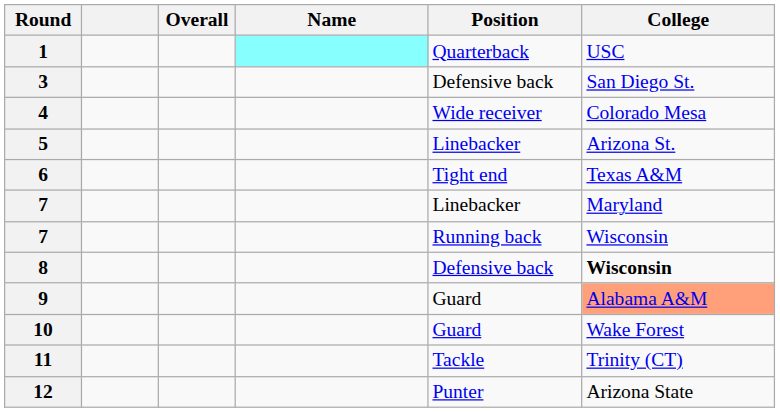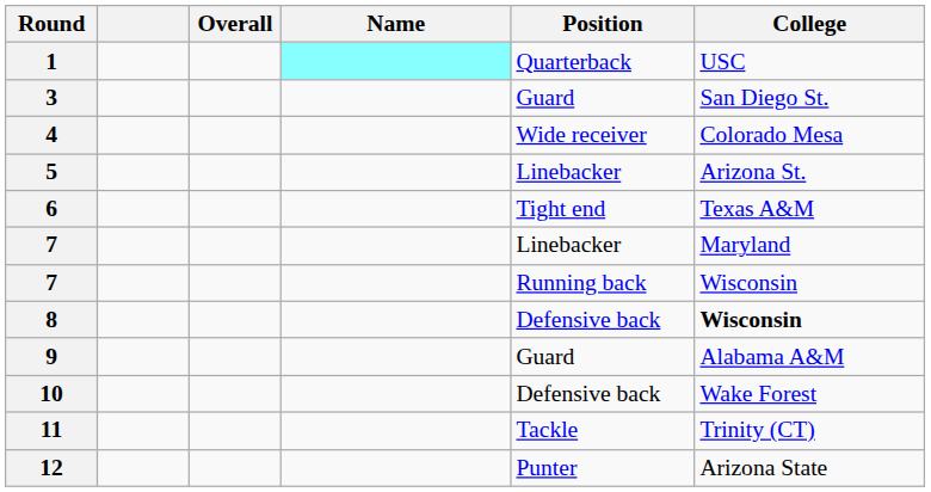 <table class="wikitable sortable" style="width: 50%;">
 <tr>
 <th scope="col" style="width: 10%;">Round</th>
 <th scope="col" style="width: 10%;"></th>
 <th scope="col" style="width: 10%;">Overall</th>
 <th scope="col" style="width: 25%;">Name</th>
 <th scope="col" style="width: 20%;">Position</th>
 <th scope="col" style="width: 25%;">College</th>
 </tr>
 <tr>
 <th scope="row">1</th>
 <td></td>
 <td></td>
 <td style="background:#88FFFF;"> <sup></sup></td>
 <td><a href='#'>Quarterback</a></td>
 <td><a href='#'>USC</a></td>
 </tr>
 <tr>
 <th scope="row">3</th>
 <td></td>
 <td></td>
 <td></td>
-<td>Defensive back</td>
+<td><a href='#'>Guard</a></td>
 <td><a href='#'>San Diego St.</a></td>
 </tr>
 <tr>
 <th scope="row">4</th>
 <td></td>
 <td></td>
 <td></td>
 <td><a href='#'>Wide receiver</a></td>
 <td><a href='#'>Colorado Mesa</a></td>
 </tr>
 <tr>
 <th scope="row">5</th>
 <td></td>
 <td></td>
 <td></td>
 <td><a href='#'>Linebacker</a></td>
 <td><a href='#'>Arizona St.</a></td>
 </tr>
 <tr>
 <th scope="row">6</th>
 <td></td>
 <td></td>
 <td></td>
 <td><a href='#'>Tight end</a></td>
 <td><a href='#'>Texas A&M</a></td>
 </tr>
 <tr>
 <th scope="row">7</th>
 <td></td>
 <td></td>
 <td></td>
 <td>Linebacker</td>
 <td><a href='#'>Maryland</a></td>
 </tr>
 <tr>
 <th scope="row">7</th>
 <td></td>
 <td></td>
 <td></td>
 <td><a href='#'>Running back</a></td>
 <td><a href='#'>Wisconsin</a></td>
 </tr>
 <tr>
 <th scope="row">8</th>
 <td></td>
 <td></td>
 <td></td>
 <td><a href='#'>Defensive back</a></td>
 <td><strong>Wisconsin</strong></td>
 </tr>
 <tr>
 <th scope="row">9</th>
 <td></td>
 <td></td>
 <td></td>
 <td>Guard</td>
-<td style="background: lightsalmon;"><a href='#'>Alabama A&M</a></td>
+<td><a href='#'>Alabama A&M</a></td>
 </tr>
 <tr>
 <th scope="row">10</th>
 <td></td>
 <td></td>
 <td></td>
-<td><a href='#'>Guard</a></td>
+<td>Defensive back</td>
 <td><a href='#'>Wake Forest</a></td>
 </tr>
 <tr>
 <th scope="row">11</th>
 <td></td>
 <td></td>
 <td></td>
 <td><a href='#'>Tackle</a></td>
 <td><a href='#'>Trinity (CT)</a></td>
 </tr>
 <tr>
 <th scope="row">12</th>
 <td></td>
 <td></td>
 <td></td>
 <td><a href='#'>Punter</a></td>
 <td>Arizona State</td>
 </tr>
 </table>
